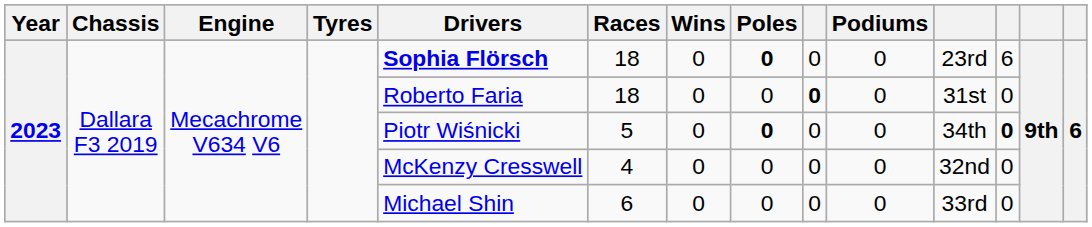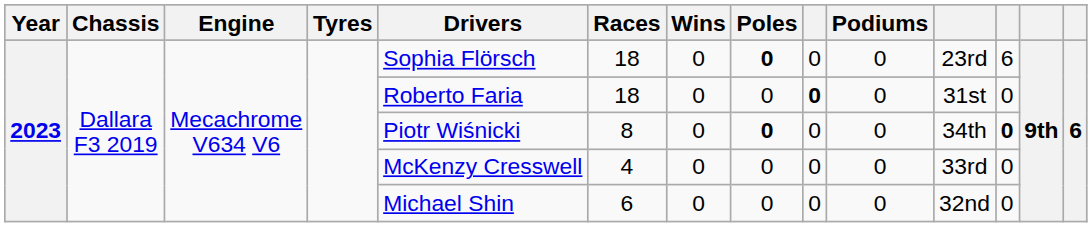 <table class="wikitable" style="text-align:center; font-size:85%">
 <tr>
 <th>Year</th>
 <th>Chassis</th>
 <th>Engine</th>
 <th>Tyres</th>
 <th>Drivers</th>
 <th>Races</th>
 <th>Wins</th>
 <th>Poles</th>
 <th></th>
 <th>Podiums</th>
 <th></th>
 <th></th>
 <th></th>
 <th></th>
 </tr>
 <tr>
 <th rowspan=5><a href='#'>2023</a></th>
 <td rowspan=5><a href='#'>Dallara</a><br><a href='#'>F3 2019</a></td>
 <td rowspan=5><a href='#'>Mecachrome</a><br><a href='#'>V634</a> <a href='#'>V6</a></td>
 <td rowspan=5></td>
-<td align=left><strong> <a href='#'>Sophia Flörsch</a></strong></td>
+<td align=left> <a href='#'>Sophia Flörsch</a></td>
 <td>18</td>
 <td>0</td>
 <td><strong>0</strong></td>
 <td>0</td>
 <td>0</td>
 <td style="background:#;">23rd</td>
 <td style="background:#;">6</td>
 <th rowspan=5 style="background:#;">9th</th>
 <th rowspan=5 style="background:#;">6</th>
 </tr>
 <tr>
 <td align=left> <a href='#'>Roberto Faria</a></td>
 <td>18</td>
 <td>0</td>
 <td>0</td>
 <td><strong>0</strong></td>
 <td>0</td>
 <td style="background:;">31st</td>
 <td style="background:;">0</td>
 </tr>
 <tr>
 <td align=left> <a href='#'>Piotr Wiśnicki</a></td>
-<td>5</td>
+<td>8</td>
 <td>0</td>
 <td><strong>0</strong></td>
 <td>0</td>
 <td>0</td>
 <td style="background:;">34th</td>
 <td style="background:;"><strong>0</strong></td>
 </tr>
 <tr>
 <td align=left> <a href='#'>McKenzy Cresswell</a></td>
 <td>4</td>
 <td>0</td>
 <td>0</td>
 <td>0</td>
 <td>0</td>
-<td style="background:;">32nd</td>
+<td style="background:;">33rd</td>
 <td style="background:;">0</td>
 </tr>
 <tr>
 <td align=left> <a href='#'>Michael Shin</a></td>
 <td>6</td>
 <td>0</td>
 <td>0</td>
 <td>0</td>
 <td>0</td>
-<td style="background:;">33rd</td>
+<td style="background:;">32nd</td>
 <td style="background:;">0</td>
 </tr>
 </table>
